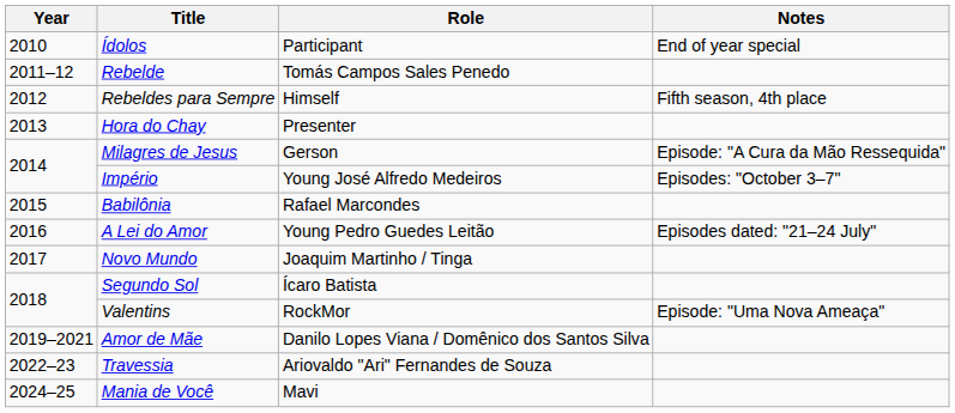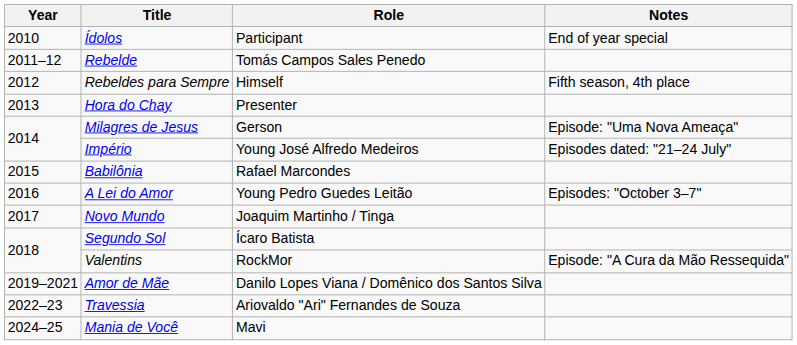 <table class="wikitable">
 <tr>
 <th>Year</th>
 <th>Title</th>
 <th>Role</th>
 <th>Notes</th>
 </tr>
 <tr>
 <td>2010</td>
 <td><em><a href='#'>Ídolos</a></em></td>
 <td>Participant</td>
 <td>End of year special</td>
 </tr>
 <tr>
 <td>2011–12</td>
 <td><em><a href='#'>Rebelde</a></em></td>
 <td>Tomás Campos Sales Penedo</td>
 <td></td>
 </tr>
 <tr>
 <td>2012</td>
 <td><em>Rebeldes para Sempre</em></td>
 <td>Himself</td>
 <td>Fifth season, 4th place</td>
 </tr>
 <tr>
 <td>2013</td>
 <td><em><a href='#'>Hora do Chay</a></em></td>
 <td>Presenter</td>
 <td></td>
 </tr>
 <tr>
 <td rowspan="2">2014</td>
 <td><em><a href='#'>Milagres de Jesus</a></em></td>
 <td>Gerson</td>
-<td>Episode: "A Cura da Mão Ressequida"</td>
+<td>Episode: "Uma Nova Ameaça"</td>
 </tr>
 <tr>
 <td><em><a href='#'>Império</a></em></td>
 <td>Young José Alfredo Medeiros</td>
-<td>Episodes: "October 3–7"</td>
+<td>Episodes dated: "21–24 July"</td>
 </tr>
 <tr>
 <td>2015</td>
 <td><em><a href='#'>Babilônia</a></em></td>
 <td>Rafael Marcondes</td>
 <td></td>
 </tr>
 <tr>
 <td>2016</td>
 <td><em><a href='#'>A Lei do Amor</a></em></td>
 <td>Young Pedro Guedes Leitão </td>
-<td>Episodes dated: "21–24 July"</td>
+<td>Episodes: "October 3–7"</td>
 </tr>
 <tr>
 <td>2017</td>
 <td><em><a href='#'>Novo Mundo</a></em></td>
 <td>Joaquim Martinho / Tinga</td>
 <td></td>
 </tr>
 <tr>
 <td rowspan="2">2018</td>
 <td><em><a href='#'>Segundo Sol</a></em></td>
 <td>Ícaro Batista</td>
 <td></td>
 </tr>
 <tr>
 <td><em>Valentins</em></td>
 <td>RockMor</td>
-<td>Episode: "Uma Nova Ameaça"</td>
+<td>Episode: "A Cura da Mão Ressequida"</td>
 </tr>
 <tr>
 <td>2019–2021</td>
 <td><em><a href='#'>Amor de Mãe</a></em></td>
 <td>Danilo Lopes Viana / Domênico dos Santos Silva</td>
 <td></td>
 </tr>
 <tr>
 <td>2022–23</td>
 <td><em><a href='#'>Travessia</a></em></td>
 <td>Ariovaldo  "Ari" Fernandes de Souza</td>
 <td></td>
 </tr>
 <tr>
 <td>2024–25</td>
 <td><em><a href='#'>Mania de Você</a></em></td>
 <td>Mavi</td>
 <td></td>
 </tr>
 </table>
